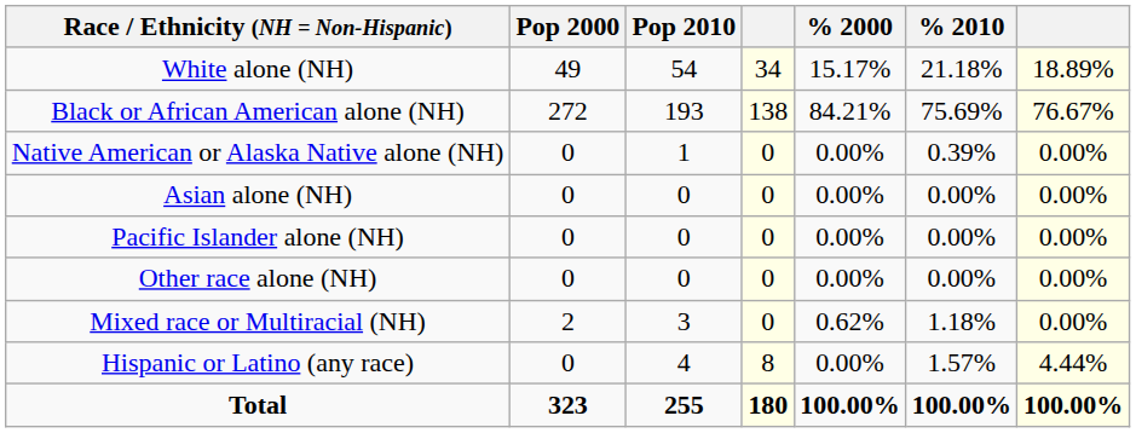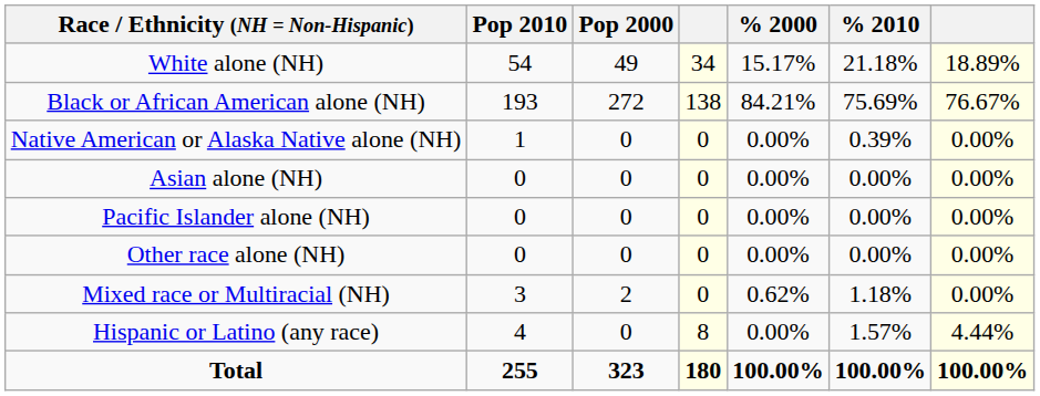 <table class="wikitable" style="text-align:center;">
 <tr>
 <th>Race / Ethnicity <small>(<em>NH = Non-Hispanic</em>)</small></th>
+<th>Pop 2010</th>
 <th>Pop 2000</th>
-<th>Pop 2010</th>
 <th></th>
 <th>% 2000</th>
 <th>% 2010</th>
 <th></th>
 </tr>
 <tr>
 <td><a href='#'>White</a> alone (NH)</td>
+<td>54</td>
 <td>49</td>
-<td>54</td>
 <td style='background: #ffffe6;'>34</td>
 <td>15.17%</td>
 <td>21.18%</td>
 <td style='background: #ffffe6;'>18.89%</td>
 </tr>
 <tr>
 <td><a href='#'>Black or African American</a> alone (NH)</td>
+<td>193</td>
 <td>272</td>
-<td>193</td>
 <td style='background: #ffffe6;'>138</td>
 <td>84.21%</td>
 <td>75.69%</td>
 <td style='background: #ffffe6;'>76.67%</td>
 </tr>
 <tr>
 <td><a href='#'>Native American</a> or <a href='#'>Alaska Native</a> alone (NH)</td>
+<td>1</td>
 <td>0</td>
-<td>1</td>
 <td style='background: #ffffe6;'>0</td>
 <td>0.00%</td>
 <td>0.39%</td>
 <td style='background: #ffffe6;'>0.00%</td>
 </tr>
 <tr>
 <td><a href='#'>Asian</a> alone (NH)</td>
 <td>0</td>
 <td>0</td>
 <td style='background: #ffffe6;'>0</td>
 <td>0.00%</td>
 <td>0.00%</td>
 <td style='background: #ffffe6;'>0.00%</td>
 </tr>
 <tr>
 <td><a href='#'>Pacific Islander</a> alone (NH)</td>
 <td>0</td>
 <td>0</td>
 <td style='background: #ffffe6;'>0</td>
 <td>0.00%</td>
 <td>0.00%</td>
 <td style='background: #ffffe6;'>0.00%</td>
 </tr>
 <tr>
 <td><a href='#'>Other race</a> alone (NH)</td>
 <td>0</td>
 <td>0</td>
 <td style='background: #ffffe6;'>0</td>
 <td>0.00%</td>
 <td>0.00%</td>
 <td style='background: #ffffe6;'>0.00%</td>
 </tr>
 <tr>
 <td><a href='#'>Mixed race or Multiracial</a> (NH)</td>
+<td>3</td>
 <td>2</td>
-<td>3</td>
 <td style='background: #ffffe6;'>0</td>
 <td>0.62%</td>
 <td>1.18%</td>
 <td style='background: #ffffe6;'>0.00%</td>
 </tr>
 <tr>
 <td><a href='#'>Hispanic or Latino</a> (any race)</td>
+<td>4</td>
 <td>0</td>
-<td>4</td>
 <td style='background: #ffffe6;'>8</td>
 <td>0.00%</td>
 <td>1.57%</td>
 <td style='background: #ffffe6;'>4.44%</td>
 </tr>
 <tr>
 <td><strong>Total</strong></td>
+<td><strong>255</strong></td>
 <td><strong>323</strong></td>
-<td><strong>255</strong></td>
 <td style='background: #ffffe6;'><strong>180</strong></td>
 <td><strong>100.00%</strong></td>
 <td><strong>100.00%</strong></td>
 <td style='background: #ffffe6;'><strong>100.00%</strong></td>
 </tr>
 </table>
